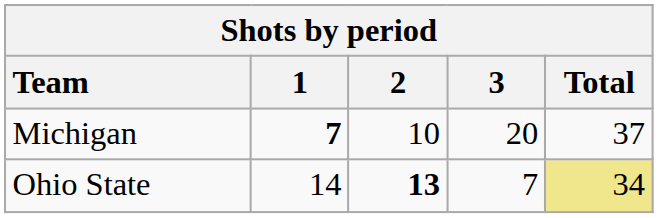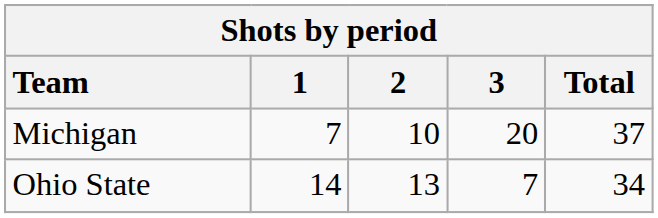 <table class="wikitable" style="width:20em; text-align:right;">
 <tr>
 <th colspan=6>Shots by period</th>
 </tr>
 <tr>
 <th style="width:8em; text-align:left;">Team</th>
 <th style="width:3em;">1</th>
 <th style="width:3em;">2</th>
 <th style="width:3em;">3</th>
 <th style="width:3em;">Total</th>
 </tr>
 <tr>
 <td style="text-align:left;">Michigan</td>
-<td><strong>7</strong></td>
+<td>7</td>
 <td>10</td>
 <td>20</td>
 <td>37</td>
 </tr>
 <tr>
 <td style="text-align:left;">Ohio State</td>
 <td>14</td>
-<td><strong>13</strong></td>
+<td>13</td>
 <td>7</td>
-<td style="background: khaki;">34</td>
+<td>34</td>
 </tr>
 </table>
